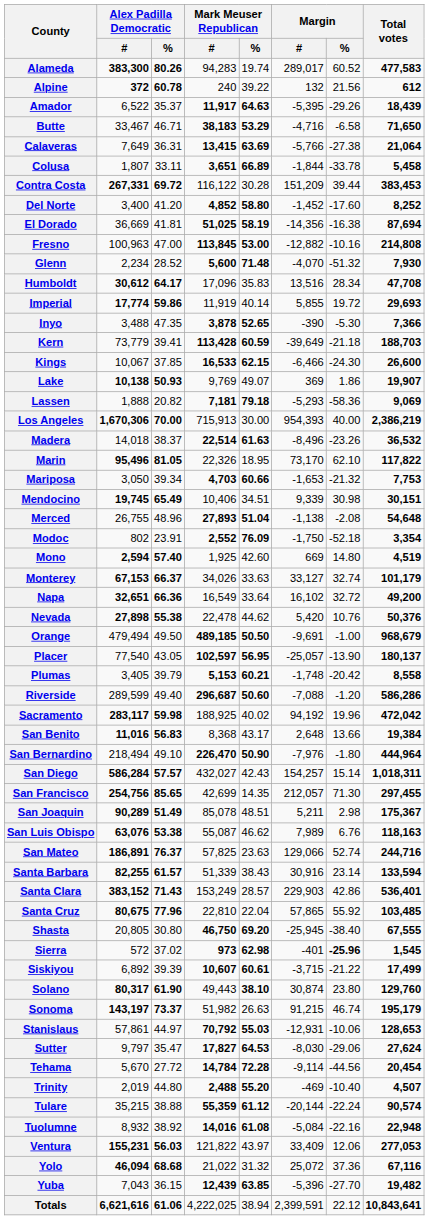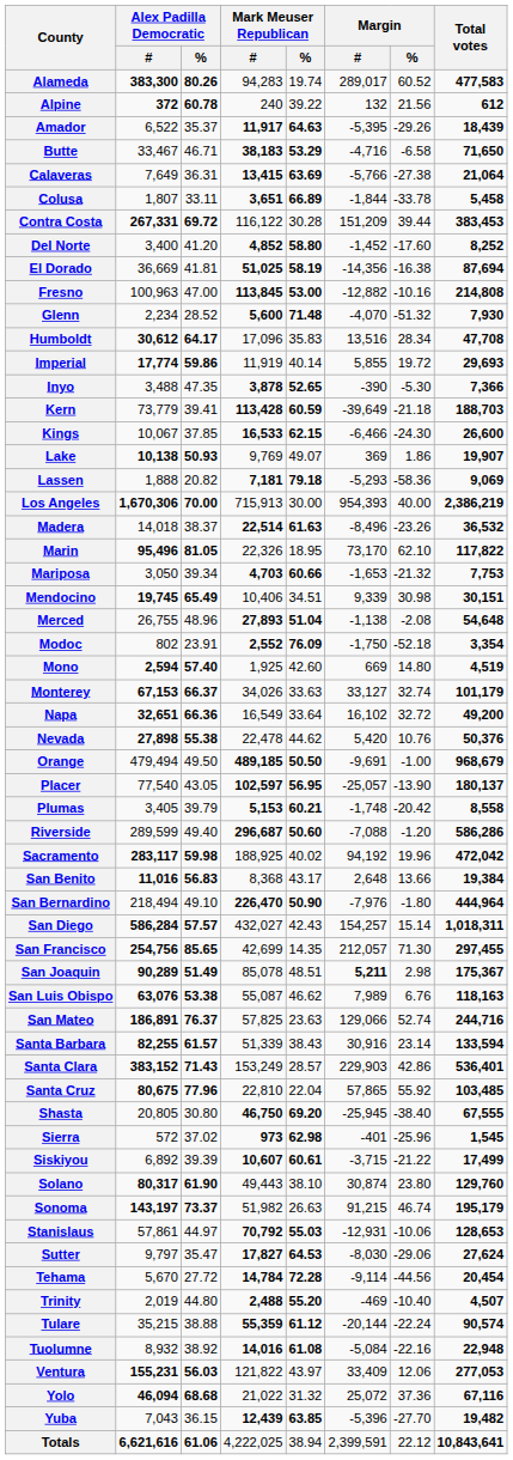 <table class="wikitable sortable" style="text-align:right;font-size:90%;line-height:1.3">
 <tr>
 <th rowspan="2">County</th>
 <th colspan="2"><a href='#'>Alex Padilla</a><br><a href='#'>Democratic</a></th>
 <th colspan="2">Mark Meuser<br><a href='#'>Republican</a></th>
 <th colspan="2">Margin</th>
 <th rowspan="2">Total<br>votes</th>
 </tr>
 <tr>
 <th data-sort-type="number">#</th>
 <th data-sort-type="number">%</th>
 <th data-sort-type="number">#</th>
 <th data-sort-type="number">%</th>
 <th data-sort-type="number">#</th>
 <th data-sort-type="number">%</th>
 </tr>
 <tr>
 <th><a href='#'>Alameda</a></th>
 <td><strong>383,300</strong></td>
 <td><strong>80.26</strong></td>
 <td>94,283</td>
 <td>19.74</td>
 <td>289,017</td>
 <td>60.52</td>
 <td><strong>477,583</strong></td>
 </tr>
 <tr>
 <th><a href='#'>Alpine</a></th>
 <td><strong>372</strong></td>
 <td><strong>60.78</strong></td>
 <td>240</td>
 <td>39.22</td>
 <td>132</td>
 <td>21.56</td>
 <td><strong>612</strong></td>
 </tr>
 <tr>
 <th><a href='#'>Amador</a></th>
 <td>6,522</td>
 <td>35.37</td>
 <td><strong>11,917</strong></td>
 <td><strong>64.63</strong></td>
 <td>-5,395</td>
 <td>-29.26</td>
 <td><strong>18,439</strong></td>
 </tr>
 <tr>
 <th><a href='#'>Butte</a></th>
 <td>33,467</td>
 <td>46.71</td>
 <td><strong>38,183</strong></td>
 <td><strong>53.29</strong></td>
 <td>-4,716</td>
 <td>-6.58</td>
 <td><strong>71,650</strong></td>
 </tr>
 <tr>
 <th><a href='#'>Calaveras</a></th>
 <td>7,649</td>
 <td>36.31</td>
 <td><strong>13,415</strong></td>
 <td><strong>63.69</strong></td>
 <td>-5,766</td>
 <td>-27.38</td>
 <td><strong>21,064</strong></td>
 </tr>
 <tr>
 <th><a href='#'>Colusa</a></th>
 <td>1,807</td>
 <td>33.11</td>
 <td><strong>3,651</strong></td>
 <td><strong>66.89</strong></td>
 <td>-1,844</td>
 <td>-33.78</td>
 <td><strong>5,458</strong></td>
 </tr>
 <tr>
 <th><a href='#'>Contra Costa</a></th>
 <td><strong>267,331</strong></td>
 <td><strong>69.72</strong></td>
 <td>116,122</td>
 <td>30.28</td>
 <td>151,209</td>
 <td>39.44</td>
 <td><strong>383,453</strong></td>
 </tr>
 <tr>
 <th><a href='#'>Del Norte</a></th>
 <td>3,400</td>
 <td>41.20</td>
 <td><strong>4,852</strong></td>
 <td><strong>58.80</strong></td>
 <td>-1,452</td>
 <td>-17.60</td>
 <td><strong>8,252</strong></td>
 </tr>
 <tr>
 <th><a href='#'>El Dorado</a></th>
 <td>36,669</td>
 <td>41.81</td>
 <td><strong>51,025</strong></td>
 <td><strong>58.19</strong></td>
 <td>-14,356</td>
 <td>-16.38</td>
 <td><strong>87,694</strong></td>
 </tr>
 <tr>
 <th><a href='#'>Fresno</a></th>
 <td>100,963</td>
 <td>47.00</td>
 <td><strong>113,845</strong></td>
 <td><strong>53.00</strong></td>
 <td>-12,882</td>
 <td>-10.16</td>
 <td><strong>214,808</strong></td>
 </tr>
 <tr>
 <th><a href='#'>Glenn</a></th>
 <td>2,234</td>
 <td>28.52</td>
 <td><strong>5,600</strong></td>
 <td><strong>71.48</strong></td>
 <td>-4,070</td>
 <td>-51.32</td>
 <td><strong>7,930</strong></td>
 </tr>
 <tr>
 <th><a href='#'>Humboldt</a></th>
 <td><strong>30,612</strong></td>
 <td><strong>64.17</strong></td>
 <td>17,096</td>
 <td>35.83</td>
 <td>13,516</td>
 <td>28.34</td>
 <td><strong>47,708</strong></td>
 </tr>
 <tr>
 <th><a href='#'>Imperial</a></th>
 <td><strong>17,774</strong></td>
 <td><strong>59.86</strong></td>
 <td>11,919</td>
 <td>40.14</td>
 <td>5,855</td>
 <td>19.72</td>
 <td><strong>29,693</strong></td>
 </tr>
 <tr>
 <th><a href='#'>Inyo</a></th>
 <td>3,488</td>
 <td>47.35</td>
 <td><strong>3,878</strong></td>
 <td><strong>52.65</strong></td>
 <td>-390</td>
 <td>-5.30</td>
 <td><strong>7,366</strong></td>
 </tr>
 <tr>
 <th><a href='#'>Kern</a></th>
 <td>73,779</td>
 <td>39.41</td>
 <td><strong>113,428</strong></td>
 <td><strong>60.59</strong></td>
 <td>-39,649</td>
 <td>-21.18</td>
 <td><strong>188,703</strong></td>
 </tr>
 <tr>
 <th><a href='#'>Kings</a></th>
 <td>10,067</td>
 <td>37.85</td>
 <td><strong>16,533</strong></td>
 <td><strong>62.15</strong></td>
 <td>-6,466</td>
 <td>-24.30</td>
 <td><strong>26,600</strong></td>
 </tr>
 <tr>
 <th><a href='#'>Lake</a></th>
 <td><strong>10,138</strong></td>
 <td><strong>50.93</strong></td>
 <td>9,769</td>
 <td>49.07</td>
 <td>369</td>
 <td>1.86</td>
 <td><strong>19,907</strong></td>
 </tr>
 <tr>
 <th><a href='#'>Lassen</a></th>
 <td>1,888</td>
 <td>20.82</td>
 <td><strong>7,181</strong></td>
 <td><strong>79.18</strong></td>
 <td>-5,293</td>
 <td>-58.36</td>
 <td><strong>9,069</strong></td>
 </tr>
 <tr>
 <th><a href='#'>Los Angeles</a></th>
 <td><strong>1,670,306</strong></td>
 <td><strong>70.00</strong></td>
 <td>715,913</td>
 <td>30.00</td>
 <td>954,393</td>
 <td>40.00</td>
 <td><strong>2,386,219</strong></td>
 </tr>
 <tr>
 <th><a href='#'>Madera</a></th>
 <td>14,018</td>
 <td>38.37</td>
 <td><strong>22,514</strong></td>
 <td><strong>61.63</strong></td>
 <td>-8,496</td>
 <td>-23.26</td>
 <td><strong>36,532</strong></td>
 </tr>
 <tr>
 <th><a href='#'>Marin</a></th>
 <td><strong>95,496</strong></td>
 <td><strong>81.05</strong></td>
 <td>22,326</td>
 <td>18.95</td>
 <td>73,170</td>
 <td>62.10</td>
 <td><strong>117,822</strong></td>
 </tr>
 <tr>
 <th><a href='#'>Mariposa</a></th>
 <td>3,050</td>
 <td>39.34</td>
 <td><strong>4,703</strong></td>
 <td><strong>60.66</strong></td>
 <td>-1,653</td>
 <td>-21.32</td>
 <td><strong>7,753</strong></td>
 </tr>
 <tr>
 <th><a href='#'>Mendocino</a></th>
 <td><strong>19,745</strong></td>
 <td><strong>65.49</strong></td>
 <td>10,406</td>
 <td>34.51</td>
 <td>9,339</td>
 <td>30.98</td>
 <td><strong>30,151</strong></td>
 </tr>
 <tr>
 <th><a href='#'>Merced</a></th>
 <td>26,755</td>
 <td>48.96</td>
 <td><strong>27,893</strong></td>
 <td><strong>51.04</strong></td>
 <td>-1,138</td>
 <td>-2.08</td>
 <td><strong>54,648</strong></td>
 </tr>
 <tr>
 <th><a href='#'>Modoc</a></th>
 <td>802</td>
 <td>23.91</td>
 <td><strong>2,552</strong></td>
 <td><strong>76.09</strong></td>
 <td>-1,750</td>
 <td>-52.18</td>
 <td><strong>3,354</strong></td>
 </tr>
 <tr>
 <th><a href='#'>Mono</a></th>
 <td><strong>2,594</strong></td>
 <td><strong>57.40</strong></td>
 <td>1,925</td>
 <td>42.60</td>
 <td>669</td>
 <td>14.80</td>
 <td><strong>4,519</strong></td>
 </tr>
 <tr>
 <th><a href='#'>Monterey</a></th>
 <td><strong>67,153</strong></td>
 <td><strong>66.37</strong></td>
 <td>34,026</td>
 <td>33.63</td>
 <td>33,127</td>
 <td>32.74</td>
 <td><strong>101,179</strong></td>
 </tr>
 <tr>
 <th><a href='#'>Napa</a></th>
 <td><strong>32,651</strong></td>
 <td><strong>66.36</strong></td>
 <td>16,549</td>
 <td>33.64</td>
 <td>16,102</td>
 <td>32.72</td>
 <td><strong>49,200</strong></td>
 </tr>
 <tr>
 <th><a href='#'>Nevada</a></th>
 <td><strong>27,898</strong></td>
 <td><strong>55.38</strong></td>
 <td>22,478</td>
 <td>44.62</td>
 <td>5,420</td>
 <td>10.76</td>
 <td><strong>50,376</strong></td>
 </tr>
 <tr>
 <th><a href='#'>Orange</a></th>
 <td>479,494</td>
 <td>49.50</td>
 <td><strong>489,185</strong></td>
 <td><strong>50.50</strong></td>
 <td>-9,691</td>
 <td>-1.00</td>
 <td><strong>968,679</strong></td>
 </tr>
 <tr>
 <th><a href='#'>Placer</a></th>
 <td>77,540</td>
 <td>43.05</td>
 <td><strong>102,597</strong></td>
 <td><strong>56.95</strong></td>
 <td>-25,057</td>
 <td>-13.90</td>
 <td><strong>180,137</strong></td>
 </tr>
 <tr>
 <th><a href='#'>Plumas</a></th>
 <td>3,405</td>
 <td>39.79</td>
 <td><strong>5,153</strong></td>
 <td><strong>60.21</strong></td>
 <td>-1,748</td>
 <td>-20.42</td>
 <td><strong>8,558</strong></td>
 </tr>
 <tr>
 <th><a href='#'>Riverside</a></th>
 <td>289,599</td>
 <td>49.40</td>
 <td><strong>296,687</strong></td>
 <td><strong>50.60</strong></td>
 <td>-7,088</td>
 <td>-1.20</td>
 <td><strong>586,286</strong></td>
 </tr>
 <tr>
 <th><a href='#'>Sacramento</a></th>
 <td><strong>283,117</strong></td>
 <td><strong>59.98</strong></td>
 <td>188,925</td>
 <td>40.02</td>
 <td>94,192</td>
 <td>19.96</td>
 <td><strong>472,042</strong></td>
 </tr>
 <tr>
 <th><a href='#'>San Benito</a></th>
 <td><strong>11,016</strong></td>
 <td><strong>56.83</strong></td>
 <td>8,368</td>
 <td>43.17</td>
 <td>2,648</td>
 <td>13.66</td>
 <td><strong>19,384</strong></td>
 </tr>
 <tr>
 <th><a href='#'>San Bernardino</a></th>
 <td>218,494</td>
 <td>49.10</td>
 <td><strong>226,470</strong></td>
 <td><strong>50.90</strong></td>
 <td>-7,976</td>
 <td>-1.80</td>
 <td><strong>444,964</strong></td>
 </tr>
 <tr>
 <th><a href='#'>San Diego</a></th>
 <td><strong>586,284</strong></td>
 <td><strong>57.57</strong></td>
 <td>432,027</td>
 <td>42.43</td>
 <td>154,257</td>
 <td>15.14</td>
 <td><strong>1,018,311</strong></td>
 </tr>
 <tr>
 <th><a href='#'>San Francisco</a></th>
 <td><strong>254,756</strong></td>
 <td><strong>85.65</strong></td>
 <td>42,699</td>
 <td>14.35</td>
 <td>212,057</td>
 <td>71.30</td>
 <td><strong>297,455</strong></td>
 </tr>
 <tr>
 <th><a href='#'>San Joaquin</a></th>
 <td><strong>90,289</strong></td>
 <td><strong>51.49</strong></td>
 <td>85,078</td>
 <td>48.51</td>
-<td>5,211</td>
+<td><strong>5,211</strong></td>
 <td>2.98</td>
 <td><strong>175,367</strong></td>
 </tr>
 <tr>
 <th><a href='#'>San Luis Obispo</a></th>
 <td><strong>63,076</strong></td>
 <td><strong>53.38</strong></td>
 <td>55,087</td>
 <td>46.62</td>
 <td>7,989</td>
 <td>6.76</td>
 <td><strong>118,163</strong></td>
 </tr>
 <tr>
 <th><a href='#'>San Mateo</a></th>
 <td><strong>186,891</strong></td>
 <td><strong>76.37</strong></td>
 <td>57,825</td>
 <td>23.63</td>
 <td>129,066</td>
 <td>52.74</td>
 <td><strong>244,716</strong></td>
 </tr>
 <tr>
 <th><a href='#'>Santa Barbara</a></th>
 <td><strong>82,255</strong></td>
 <td><strong>61.57</strong></td>
 <td>51,339</td>
 <td>38.43</td>
 <td>30,916</td>
 <td>23.14</td>
 <td><strong>133,594</strong></td>
 </tr>
 <tr>
 <th><a href='#'>Santa Clara</a></th>
 <td><strong>383,152</strong></td>
 <td><strong>71.43</strong></td>
 <td>153,249</td>
 <td>28.57</td>
 <td>229,903</td>
 <td>42.86</td>
 <td><strong>536,401</strong></td>
 </tr>
 <tr>
 <th><a href='#'>Santa Cruz</a></th>
 <td><strong>80,675</strong></td>
 <td><strong>77.96</strong></td>
 <td>22,810</td>
 <td>22.04</td>
 <td>57,865</td>
 <td>55.92</td>
 <td><strong>103,485</strong></td>
 </tr>
 <tr>
 <th><a href='#'>Shasta</a></th>
 <td>20,805</td>
 <td>30.80</td>
 <td><strong>46,750</strong></td>
 <td><strong>69.20</strong></td>
 <td>-25,945</td>
 <td>-38.40</td>
 <td><strong>67,555</strong></td>
 </tr>
 <tr>
 <th><a href='#'>Sierra</a></th>
 <td>572</td>
 <td>37.02</td>
 <td><strong>973</strong></td>
 <td><strong>62.98</strong></td>
 <td>-401</td>
-<td><strong>-25.96</strong></td>
+<td>-25.96</td>
 <td><strong>1,545</strong></td>
 </tr>
 <tr>
 <th><a href='#'>Siskiyou</a></th>
 <td>6,892</td>
 <td>39.39</td>
 <td><strong>10,607</strong></td>
 <td><strong>60.61</strong></td>
 <td>-3,715</td>
 <td>-21.22</td>
 <td><strong>17,499</strong></td>
 </tr>
 <tr>
 <th><a href='#'>Solano</a></th>
 <td><strong>80,317</strong></td>
 <td><strong>61.90</strong></td>
 <td>49,443</td>
-<td><strong>38.10</strong></td>
+<td>38.10</td>
 <td>30,874</td>
 <td>23.80</td>
 <td><strong>129,760</strong></td>
 </tr>
 <tr>
 <th><a href='#'>Sonoma</a></th>
 <td><strong>143,197</strong></td>
 <td><strong>73.37</strong></td>
 <td>51,982</td>
 <td>26.63</td>
 <td>91,215</td>
 <td>46.74</td>
 <td><strong>195,179</strong></td>
 </tr>
 <tr>
 <th><a href='#'>Stanislaus</a></th>
 <td>57,861</td>
 <td>44.97</td>
 <td><strong>70,792</strong></td>
 <td><strong>55.03</strong></td>
 <td>-12,931</td>
 <td>-10.06</td>
 <td><strong>128,653</strong></td>
 </tr>
 <tr>
 <th><a href='#'>Sutter</a></th>
 <td>9,797</td>
 <td>35.47</td>
 <td><strong>17,827</strong></td>
 <td><strong>64.53</strong></td>
 <td>-8,030</td>
 <td>-29.06</td>
 <td><strong>27,624</strong></td>
 </tr>
 <tr>
 <th><a href='#'>Tehama</a></th>
 <td>5,670</td>
 <td>27.72</td>
 <td><strong>14,784</strong></td>
 <td><strong>72.28</strong></td>
 <td>-9,114</td>
 <td>-44.56</td>
 <td><strong>20,454</strong></td>
 </tr>
 <tr>
 <th><a href='#'>Trinity</a></th>
 <td>2,019</td>
 <td>44.80</td>
 <td><strong>2,488</strong></td>
 <td><strong>55.20</strong></td>
 <td>-469</td>
 <td>-10.40</td>
 <td><strong>4,507</strong></td>
 </tr>
 <tr>
 <th><a href='#'>Tulare</a></th>
 <td>35,215</td>
 <td>38.88</td>
 <td><strong>55,359</strong></td>
 <td><strong>61.12</strong></td>
 <td>-20,144</td>
 <td>-22.24</td>
 <td><strong>90,574</strong></td>
 </tr>
 <tr>
 <th><a href='#'>Tuolumne</a></th>
 <td>8,932</td>
 <td>38.92</td>
 <td><strong>14,016</strong></td>
 <td><strong>61.08</strong></td>
 <td>-5,084</td>
 <td>-22.16</td>
 <td><strong>22,948</strong></td>
 </tr>
 <tr>
 <th><a href='#'>Ventura</a></th>
 <td><strong>155,231</strong></td>
 <td><strong>56.03</strong></td>
 <td>121,822</td>
 <td>43.97</td>
 <td>33,409</td>
 <td>12.06</td>
 <td><strong>277,053</strong></td>
 </tr>
 <tr>
 <th><a href='#'>Yolo</a></th>
 <td><strong>46,094</strong></td>
 <td><strong>68.68</strong></td>
 <td>21,022</td>
 <td>31.32</td>
 <td>25,072</td>
 <td>37.36</td>
 <td><strong>67,116</strong></td>
 </tr>
 <tr>
 <th><a href='#'>Yuba</a></th>
 <td>7,043</td>
 <td>36.15</td>
 <td><strong>12,439</strong></td>
 <td><strong>63.85</strong></td>
 <td>-5,396</td>
 <td>-27.70</td>
 <td><strong>19,482</strong></td>
 </tr>
 <tr class="sortbottom">
 <th>Totals</th>
 <td><strong>6,621,616</strong></td>
 <td><strong>61.06</strong></td>
 <td>4,222,025</td>
 <td>38.94</td>
 <td>2,399,591</td>
 <td>22.12</td>
 <td><strong>10,843,641</strong></td>
 </tr>
 </table>
